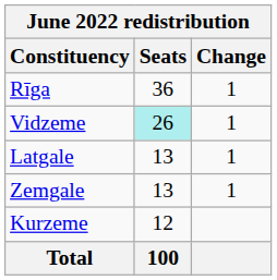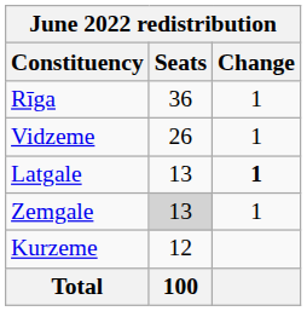 <table class="wikitable" style="align=center;">
 <tr>
 <th colspan="3">June 2022 redistribution</th>
 </tr>
 <tr>
 <th>Constituency</th>
 <th>Seats</th>
 <th>Change</th>
 </tr>
 <tr>
 <td><a href='#'>Rīga</a></td>
 <td align="center">36</td>
 <td align="center"> 1</td>
 </tr>
 <tr>
 <td><a href='#'>Vidzeme</a></td>
-<td align="center" style="background: paleturquoise;">26</td>
+<td align="center">26</td>
 <td align="center"> 1</td>
 </tr>
 <tr>
 <td><a href='#'>Latgale</a></td>
 <td align="center">13</td>
-<td align="center"> 1</td>
+<td align="center"><strong> 1</strong></td>
 </tr>
 <tr>
 <td><a href='#'>Zemgale</a></td>
-<td align="center">13</td>
+<td align="center" style="background: lightgrey;">13</td>
 <td align="center"> 1</td>
 </tr>
 <tr>
 <td><a href='#'>Kurzeme</a></td>
 <td align="center">12</td>
 <td align="center"></td>
 </tr>
 <tr>
 <th>Total</th>
 <th>100</th>
 <th></th>
 </tr>
 </table>
